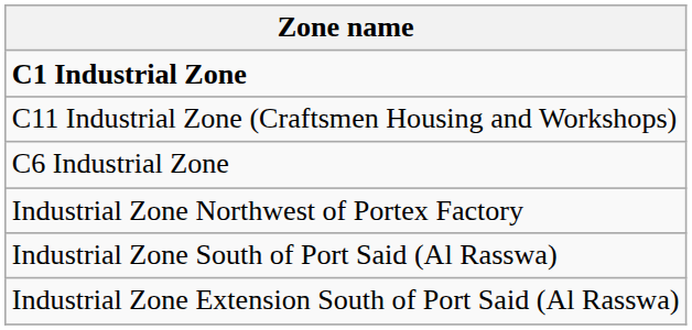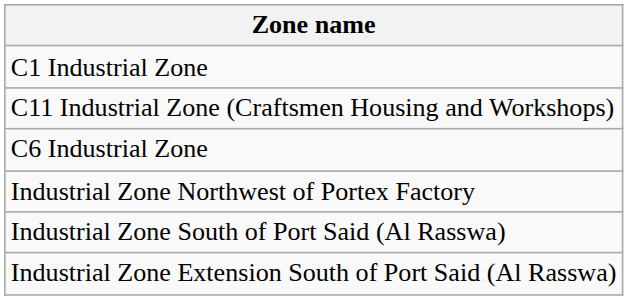 <table class="wikitable">
 <tr>
 <th>Zone name</th>
 </tr>
 <tr>
-<td rowspan="1"><strong>C1 Industrial Zone</strong></td>
+<td rowspan="1">C1 Industrial Zone</td>
 </tr>
 <tr>
 <td rowspan="1">C11 Industrial Zone (Craftsmen Housing and Workshops)</td>
 </tr>
 <tr>
 <td rowspan="1">C6 Industrial Zone</td>
 </tr>
 <tr>
 <td rowspan="1">Industrial Zone Northwest of Portex Factory</td>
 </tr>
 <tr>
 <td rowspan="1">Industrial Zone South of Port Said (Al Rasswa)</td>
 </tr>
 <tr>
 <td rowspan="1">Industrial Zone Extension South of Port Said (Al Rasswa)</td>
 </tr>
 </table>
